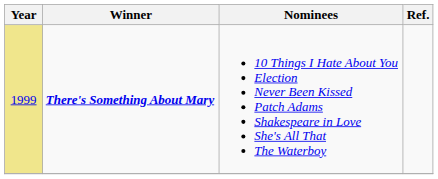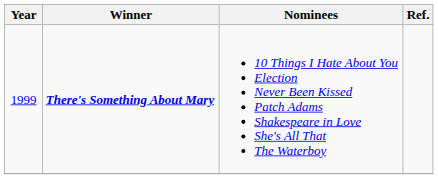 <table class="wikitable" width=60%>
 <tr>
 <th width=40px>Year</th>
 <th>Winner</th>
 <th>Nominees</th>
 <th width=30px>Ref.</th>
 </tr>
 <tr>
-<td align="center" style="background: khaki;"><a href='#'>1999</a></td>
+<td align="center"><a href='#'>1999</a></td>
 <td><strong><em><a href='#'>There's Something About Mary</a></em></strong></td>
 <td><br><ul><li><em><a href='#'>10 Things I Hate About You</a></em></li><li><em><a href='#'>Election</a></em></li><li><em><a href='#'>Never Been Kissed</a></em></li><li><em><a href='#'>Patch Adams</a></em></li><li><em><a href='#'>Shakespeare in Love</a></em></li><li><em><a href='#'>She's All That</a></em></li><li><em><a href='#'>The Waterboy</a></em></li></ul></td>
 <td align="center"></td>
 </tr>
 <tr>
 </tr>
 </table>
